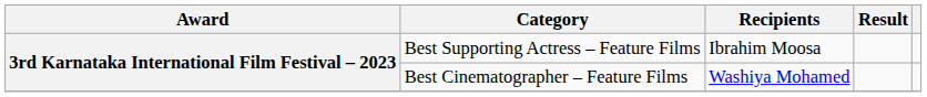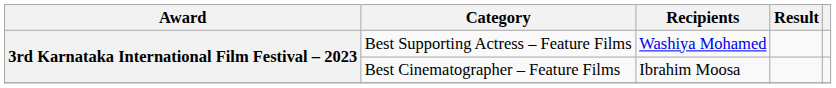 <table class="wikitable plainrowheaders sortable">
 <tr>
 <th scope="col">Award</th>
 <th scope="col">Category</th>
 <th scope="col">Recipients</th>
 <th scope="col">Result</th>
 <th scope="col" class="unsortable"></th>
 </tr>
 <tr>
 <th scope="row" rowspan="2">3rd Karnataka International Film Festival – 2023</th>
 <td>Best Supporting Actress – Feature Films</td>
-<td>Ibrahim Moosa</td>
+<td><a href='#'>Washiya Mohamed</a></td>
 <td></td>
 <td style="text-align:center;"></td>
 </tr>
 <tr>
 <td>Best Cinematographer – Feature Films</td>
-<td><a href='#'>Washiya Mohamed</a></td>
+<td>Ibrahim Moosa</td>
 <td></td>
 <td style="text-align:center;"></td>
 </tr>
 <tr>
 </tr>
 </table>
